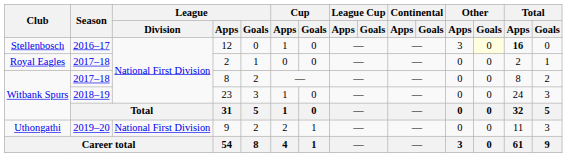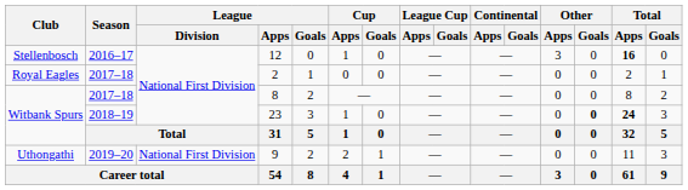 <table class="wikitable" style="text-align:center">
 <tr>
 <th rowspan="2">Club</th>
 <th rowspan="2">Season</th>
 <th colspan="3">League</th>
 <th colspan="2">Cup</th>
 <th colspan="2">League Cup</th>
 <th colspan="2">Continental</th>
 <th colspan="2">Other</th>
 <th colspan="2">Total</th>
 </tr>
 <tr>
 <th>Division</th>
 <th>Apps</th>
 <th>Goals</th>
 <th>Apps</th>
 <th>Goals</th>
 <th>Apps</th>
 <th>Goals</th>
 <th>Apps</th>
 <th>Goals</th>
 <th>Apps</th>
 <th>Goals</th>
 <th>Apps</th>
 <th>Goals</th>
 </tr>
 <tr>
 <td rowspan="1"><a href='#'>Stellenbosch</a></td>
 <td><a href='#'>2016–17</a></td>
 <td rowspan="4"><a href='#'>National First Division</a></td>
 <td>12</td>
 <td>0</td>
 <td>1</td>
 <td>0</td>
 <td colspan="2">—</td>
 <td colspan="2">—</td>
 <td>3</td>
-<td style="background: lightyellow;">0</td>
+<td>0</td>
 <td><strong>16</strong></td>
 <td>0</td>
 </tr>
 <tr>
 <td rowspan="1"><a href='#'>Royal Eagles</a></td>
 <td><a href='#'>2017–18</a></td>
 <td>2</td>
 <td>1</td>
 <td>0</td>
 <td>0</td>
 <td colspan="2">—</td>
 <td colspan="2">—</td>
 <td>0</td>
 <td>0</td>
 <td>2</td>
 <td>1</td>
 </tr>
 <tr>
 <td rowspan="3"><a href='#'>Witbank Spurs</a></td>
 <td><a href='#'>2017–18</a></td>
 <td>8</td>
 <td>2</td>
 <td colspan="2">—</td>
 <td colspan="2">—</td>
 <td colspan="2">—</td>
 <td>0</td>
 <td>0</td>
 <td>8</td>
 <td>2</td>
 </tr>
 <tr>
 <td><a href='#'>2018–19</a></td>
 <td>23</td>
 <td>3</td>
 <td>1</td>
 <td>0</td>
 <td colspan="2">—</td>
 <td colspan="2">—</td>
 <td>0</td>
-<td>0</td>
-<td>24</td>
+<td><strong>0</strong></td>
+<td><strong>24</strong></td>
 <td>3</td>
 </tr>
 <tr>
 <th colspan="2">Total</th>
 <th>31</th>
 <th>5</th>
 <th>1</th>
 <th>0</th>
 <th colspan="2">—</th>
 <th colspan="2">—</th>
 <th>0</th>
 <th>0</th>
 <th>32</th>
 <th>5</th>
 </tr>
 <tr>
 <td rowspan="1"><a href='#'>Uthongathi</a></td>
 <td><a href='#'>2019–20</a></td>
 <td rowspan="1"><a href='#'>National First Division</a></td>
 <td>9</td>
 <td>2</td>
 <td>2</td>
 <td>1</td>
 <td colspan="2">—</td>
 <td colspan="2">—</td>
 <td>0</td>
 <td>0</td>
 <td>11</td>
 <td>3</td>
 </tr>
 <tr>
 <th colspan="3">Career total</th>
 <th>54</th>
 <th>8</th>
 <th>4</th>
 <th>1</th>
 <th colspan="2">—</th>
 <th colspan="2">—</th>
 <th>3</th>
 <th>0</th>
 <th>61</th>
 <th>9</th>
 </tr>
 </table>
